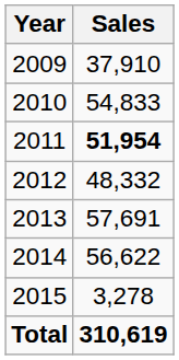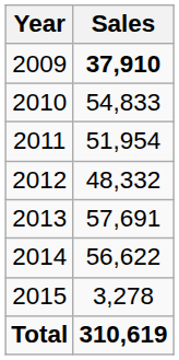 <table class="wikitable" style="float:center; clear:center; margin:0em 0em 1em 1em; text-align:center">
 <tr>
 <th>Year</th>
 <th>Sales</th>
 </tr>
 <tr>
 <td>2009</td>
-<td>37,910</td>
+<td><strong>37,910</strong></td>
 </tr>
 <tr>
 <td>2010</td>
 <td>54,833</td>
 </tr>
 <tr>
 <td>2011</td>
-<td><strong>51,954</strong></td>
+<td>51,954</td>
 </tr>
 <tr>
 <td>2012</td>
 <td>48,332</td>
 </tr>
 <tr>
 <td>2013</td>
 <td>57,691</td>
 </tr>
 <tr>
 <td>2014</td>
 <td>56,622</td>
 </tr>
 <tr>
 <td>2015</td>
 <td>3,278</td>
 </tr>
 <tr>
 <td><strong>Total</strong></td>
 <td><strong>310,619</strong></td>
 </tr>
 </table>
